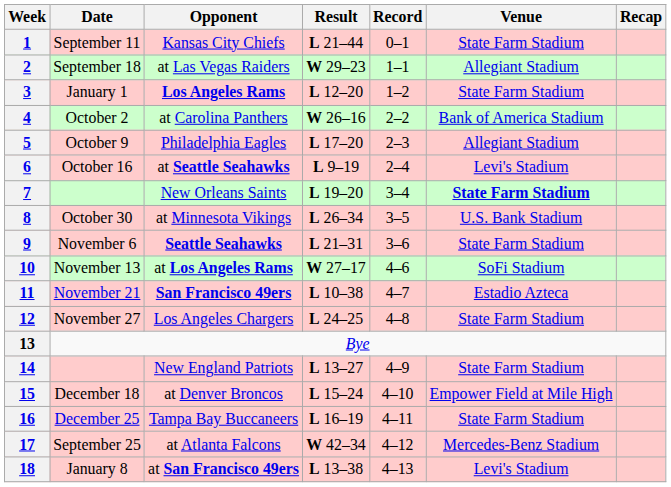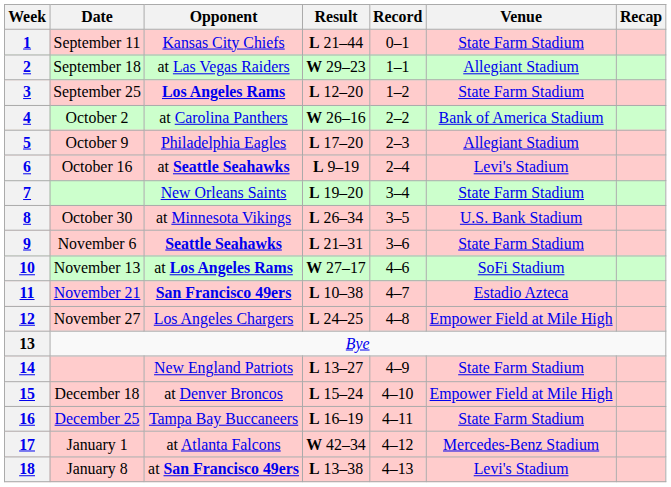 <table class="wikitable" style="text-align:center">
 <tr>
 <th>Week</th>
 <th>Date</th>
 <th>Opponent</th>
 <th>Result</th>
 <th>Record</th>
 <th>Venue</th>
 <th>Recap</th>
 </tr>
 <tr style="background:#fcc">
 <th><a href='#'>1</a></th>
 <td>September 11</td>
 <td><a href='#'>Kansas City Chiefs</a></td>
 <td><strong>L</strong> 21–44</td>
 <td>0–1</td>
 <td><a href='#'>State Farm Stadium</a></td>
 <td></td>
 </tr>
 <tr style="background:#cfc">
 <th><a href='#'>2</a></th>
 <td>September 18</td>
 <td>at <a href='#'>Las Vegas Raiders</a></td>
 <td><strong>W</strong> 29–23 </td>
 <td>1–1</td>
 <td><a href='#'>Allegiant Stadium</a></td>
 <td></td>
 </tr>
 <tr style="background:#fcc">
 <th><a href='#'>3</a></th>
-<td>January 1</td>
+<td>September 25</td>
 <td><strong><a href='#'>Los Angeles Rams</a></strong></td>
 <td><strong>L</strong> 12–20</td>
 <td>1–2</td>
 <td><a href='#'>State Farm Stadium</a></td>
 <td></td>
 </tr>
 <tr style="background:#cfc">
 <th><a href='#'>4</a></th>
 <td>October 2</td>
 <td>at <a href='#'>Carolina Panthers</a></td>
 <td><strong>W</strong> 26–16</td>
 <td>2–2</td>
 <td><a href='#'>Bank of America Stadium</a></td>
 <td></td>
 </tr>
 <tr style="background:#fcc">
 <th><a href='#'>5</a></th>
 <td>October 9</td>
 <td><a href='#'>Philadelphia Eagles</a></td>
 <td><strong>L</strong> 17–20</td>
 <td>2–3</td>
 <td><a href='#'>Allegiant Stadium</a></td>
 <td></td>
 </tr>
 <tr style="background:#fcc">
 <th><a href='#'>6</a></th>
 <td>October 16</td>
 <td>at <strong><a href='#'>Seattle Seahawks</a></strong></td>
 <td><strong>L</strong> 9–19</td>
 <td>2–4</td>
 <td><a href='#'>Levi's Stadium</a></td>
 <td></td>
 </tr>
 <tr style="background:#cfc">
 <th><a href='#'>7</a></th>
 <td></td>
 <td><a href='#'>New Orleans Saints</a></td>
 <td><strong>L</strong> 19–20</td>
 <td>3–4</td>
-<td><strong><a href='#'>State Farm Stadium</a></strong></td>
+<td><a href='#'>State Farm Stadium</a></td>
 <td></td>
 </tr>
 <tr style="background:#fcc">
 <th><a href='#'>8</a></th>
 <td>October 30</td>
 <td>at <a href='#'>Minnesota Vikings</a></td>
 <td><strong>L</strong> 26–34</td>
 <td>3–5</td>
 <td><a href='#'>U.S. Bank Stadium</a></td>
 <td></td>
 </tr>
 <tr style="background:#fcc">
 <th><a href='#'>9</a></th>
 <td>November 6</td>
 <td><strong><a href='#'>Seattle Seahawks</a></strong></td>
 <td><strong>L</strong> 21–31</td>
 <td>3–6</td>
 <td><a href='#'>State Farm Stadium</a></td>
 <td></td>
 </tr>
 <tr style="background:#cfc">
 <th><a href='#'>10</a></th>
 <td>November 13</td>
 <td>at <strong><a href='#'>Los Angeles Rams</a></strong></td>
 <td><strong>W</strong> 27–17</td>
 <td>4–6</td>
 <td><a href='#'>SoFi Stadium</a></td>
 <td></td>
 </tr>
 <tr style="background:#fcc">
 <th><a href='#'>11</a></th>
 <td><a href='#'>November 21</a></td>
 <td><strong><a href='#'>San Francisco 49ers</a></strong></td>
 <td><strong>L</strong> 10–38</td>
 <td>4–7</td>
 <td> <a href='#'>Estadio Azteca</a> </td>
 <td></td>
 </tr>
 <tr style="background:#fcc">
 <th><a href='#'>12</a></th>
 <td>November 27</td>
 <td><a href='#'>Los Angeles Chargers</a></td>
 <td><strong>L</strong> 24–25</td>
 <td>4–8</td>
-<td><a href='#'>State Farm Stadium</a></td>
+<td><a href='#'>Empower Field at Mile High</a></td>
 <td></td>
 </tr>
 <tr>
 <th>13</th>
 <td colspan="6"><em><a href='#'>Bye</a></em></td>
 </tr>
 <tr style="background:#fcc">
 <th><a href='#'>14</a></th>
 <td></td>
 <td><a href='#'>New England Patriots</a></td>
 <td><strong>L</strong> 13–27</td>
 <td>4–9</td>
 <td><a href='#'>State Farm Stadium</a></td>
 <td></td>
 </tr>
 <tr style="background:#fcc">
 <th><a href='#'>15</a></th>
 <td>December 18</td>
 <td>at <a href='#'>Denver Broncos</a></td>
 <td><strong>L</strong> 15–24</td>
 <td>4–10</td>
 <td><a href='#'>Empower Field at Mile High</a></td>
 <td></td>
 </tr>
 <tr style="background:#fcc">
 <th><a href='#'>16</a></th>
 <td><a href='#'>December 25</a></td>
 <td><a href='#'>Tampa Bay Buccaneers</a></td>
 <td><strong>L</strong> 16–19 </td>
 <td>4–11</td>
 <td><a href='#'>State Farm Stadium</a></td>
 <td></td>
 </tr>
 <tr style="background:#fcc">
 <th><a href='#'>17</a></th>
-<td>September 25</td>
+<td>January 1</td>
 <td>at <a href='#'>Atlanta Falcons</a></td>
 <td><strong>W</strong> 42–34</td>
 <td>4–12</td>
 <td><a href='#'>Mercedes-Benz Stadium</a></td>
 <td></td>
 </tr>
 <tr style="background:#fcc">
 <th><a href='#'>18</a></th>
 <td>January 8</td>
 <td>at <strong><a href='#'>San Francisco 49ers</a></strong></td>
 <td><strong>L</strong> 13–38</td>
 <td>4–13</td>
 <td><a href='#'>Levi's Stadium</a></td>
 <td></td>
 </tr>
 </table>
